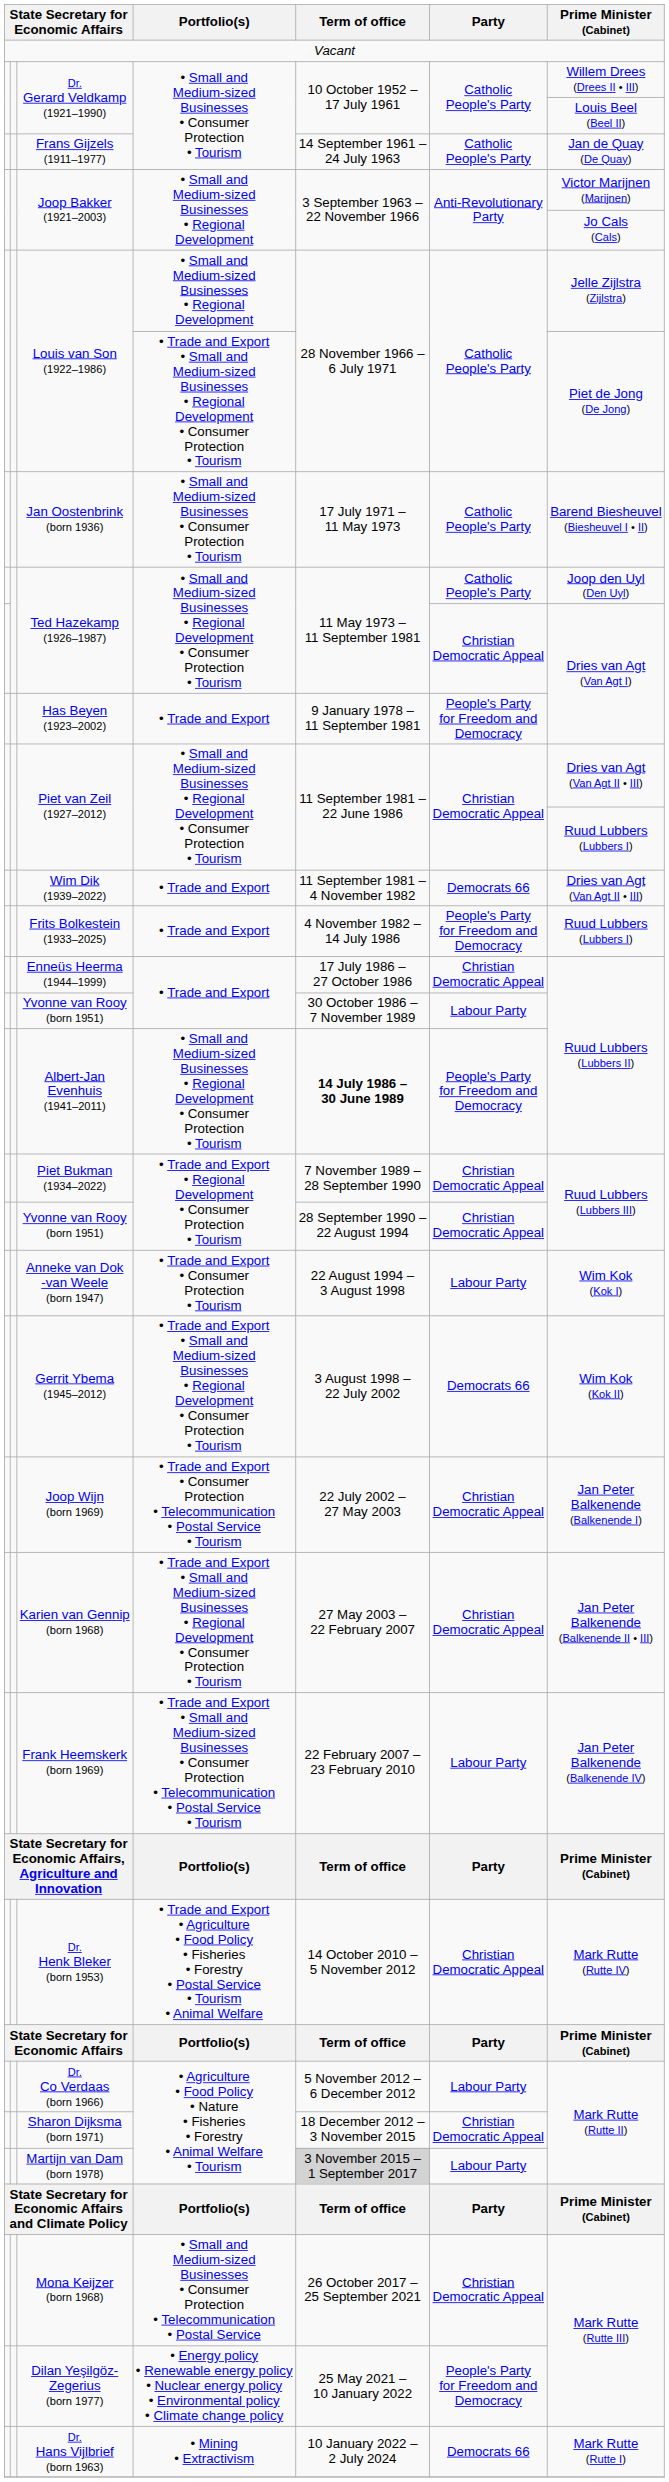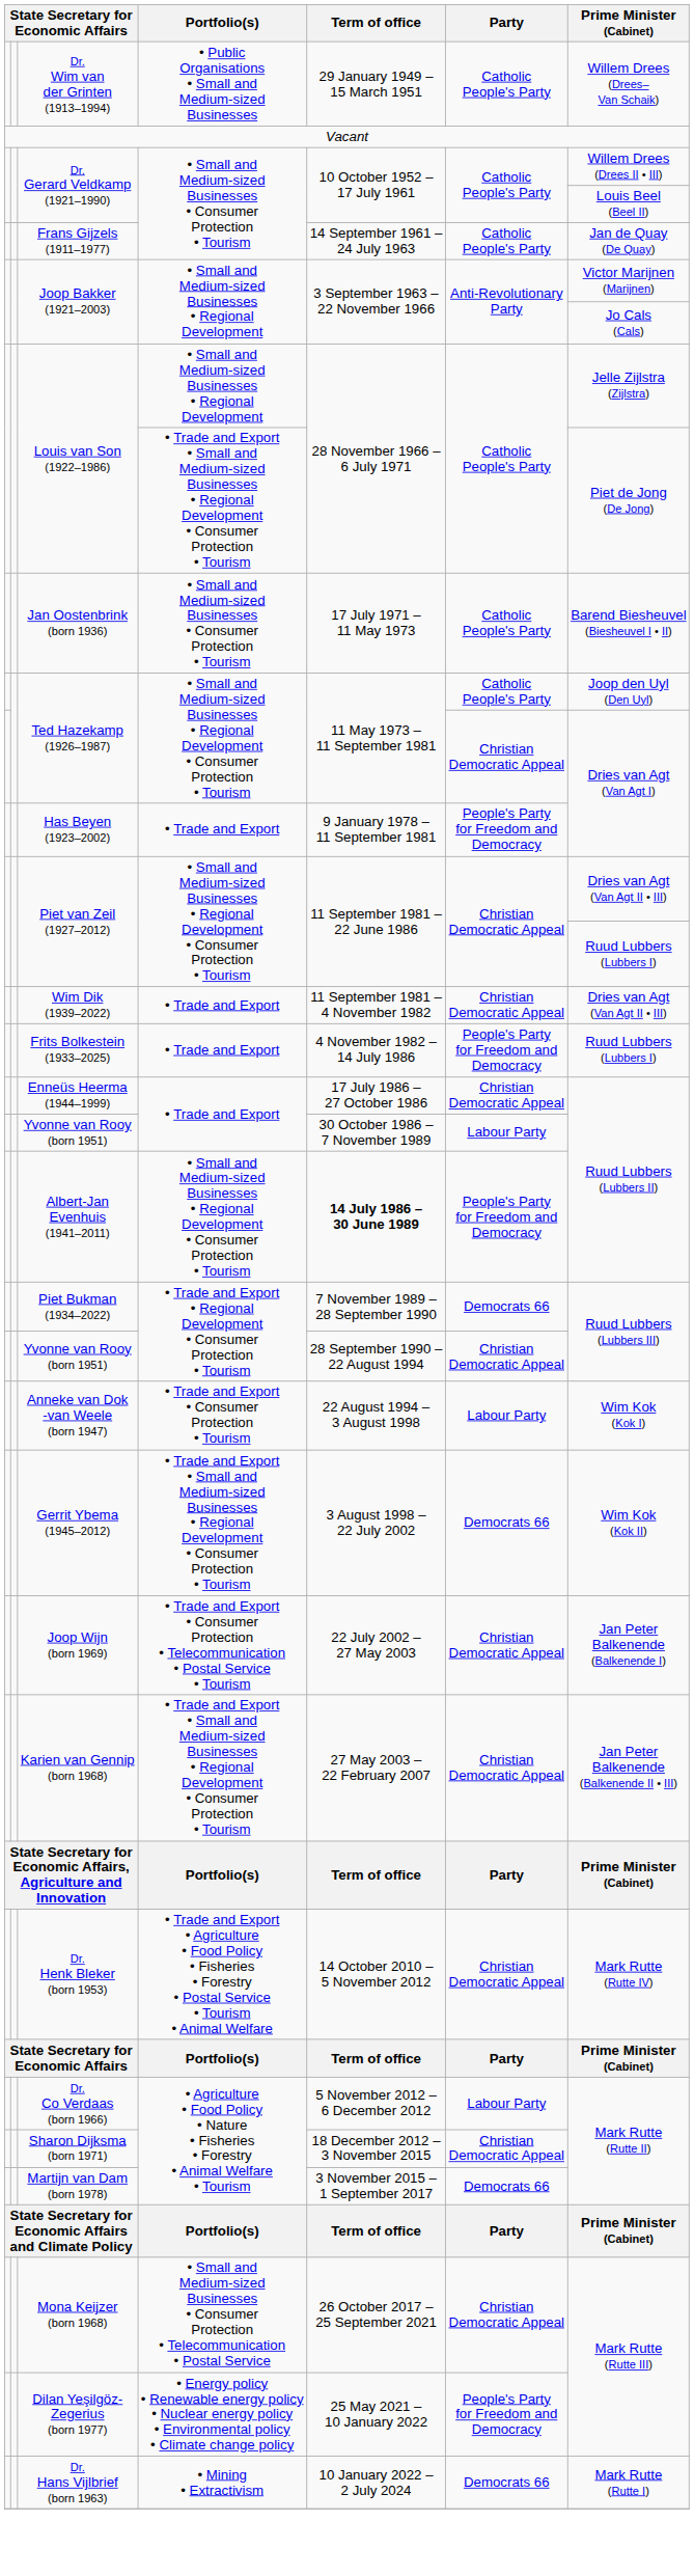 <table class="wikitable" style="text-align:center">
 <tr>
 <th colspan=3>State Secretary for <br> Economic Affairs</th>
 <th>Portfolio(s)</th>
 <th>Term of office</th>
 <th>Party</th>
 <th>Prime Minister <br> <small>(Cabinet)</small></th>
+</tr>
+<tr>
+<td style="background:"></td>
+<td></td>
+<td><small><a href='#'>Dr.</a></small> <br> <a href='#'>Wim van <br> der Grinten</a> <br> <small>(1913–1994)</small></td>
+<td>• <a href='#'>Public <br> Organisations</a> <br> • <a href='#'>Small and <br> Medium-sized <br> Businesses</a></td>
+<td>29 January 1949 – <br> 15 March 1951</td>
+<td><a href='#'>Catholic <br> People's Party</a></td>
+<td><a href='#'>Willem Drees</a> <br> <small>(<a href='#'>Drees–<br>Van Schaik</a>)</small> <br></td>
 </tr>
 <tr>
 <td colspan=7><em>Vacant</em></td>
 </tr>
 <tr>
 <td rowspan=3 style="background:"></td>
 <td rowspan=3></td>
 <td rowspan=3><small><a href='#'>Dr.</a></small> <br> <a href='#'>Gerard Veldkamp</a> <br> <small>(1921–1990)</small></td>
 <td rowspan=4>• <a href='#'>Small and <br> Medium-sized <br> Businesses</a> <br> • Consumer <br> Protection <br> • <a href='#'>Tourism</a></td>
 <td rowspan=3>10 October 1952 – <br> 17 July 1961 <br> </td>
 <td rowspan=3><a href='#'>Catholic <br> People's Party</a></td>
 <td><a href='#'>Willem Drees</a> <br> <small>(<a href='#'>Drees II</a> • <a href='#'>III</a>)</small> <br></td>
 </tr>
 <tr>
 <td><a href='#'>Louis Beel</a> <br> <small>(<a href='#'>Beel II</a>)</small> <br></td>
 </tr>
 <tr>
 <td rowspan=2><a href='#'>Jan de Quay</a> <br> <small>(<a href='#'>De Quay</a>)</small> <br></td>
 </tr>
 <tr>
 <td style="background:"></td>
 <td></td>
 <td><a href='#'>Frans Gijzels</a> <br> <small>(1911–1977)</small></td>
 <td>14 September 1961 – <br> 24 July 1963</td>
 <td><a href='#'>Catholic <br> People's Party</a></td>
 </tr>
 <tr>
 <td rowspan=2 style="background:"></td>
 <td rowspan=2></td>
 <td rowspan=2><a href='#'>Joop Bakker</a> <br> <small>(1921–2003)</small></td>
 <td rowspan=2>• <a href='#'>Small and <br> Medium-sized <br> Businesses</a> <br> • <a href='#'>Regional <br> Development</a></td>
 <td rowspan=2>3 September 1963 – <br> 22 November 1966</td>
 <td rowspan=2><a href='#'>Anti-Revolutionary <br> Party</a></td>
 <td><a href='#'>Victor Marijnen</a> <br> <small>(<a href='#'>Marijnen</a>)</small> <br></td>
 </tr>
 <tr>
 <td><a href='#'>Jo Cals</a> <br> <small>(<a href='#'>Cals</a>)</small> <br></td>
 </tr>
 <tr>
 <td rowspan=2 style="background:"></td>
 <td rowspan=2></td>
 <td rowspan=2><a href='#'>Louis van Son</a> <br> <small>(1922–1986)</small></td>
 <td>• <a href='#'>Small and <br> Medium-sized <br> Businesses</a> <br> • <a href='#'>Regional <br> Development</a></td>
 <td rowspan=2>28 November 1966 – <br> 6 July 1971</td>
 <td rowspan=2><a href='#'>Catholic <br> People's Party</a></td>
 <td><a href='#'>Jelle Zijlstra</a> <br> <small>(<a href='#'>Zijlstra</a>)</small> <br></td>
 </tr>
 <tr>
 <td>• <a href='#'>Trade and Export</a> <br> • <a href='#'>Small and <br> Medium-sized <br> Businesses</a> <br> • <a href='#'>Regional <br> Development</a> <br> • Consumer <br> Protection <br> • <a href='#'>Tourism</a></td>
 <td><a href='#'>Piet de Jong</a> <br> <small>(<a href='#'>De Jong</a>)</small> <br></td>
 </tr>
 <tr>
 <td style="background:"></td>
 <td></td>
 <td><a href='#'>Jan Oostenbrink</a> <br> <small>(born 1936)</small></td>
 <td>• <a href='#'>Small and <br> Medium-sized <br> Businesses</a> <br> • Consumer <br> Protection <br> • <a href='#'>Tourism</a></td>
 <td>17 July 1971 – <br> 11 May 1973</td>
 <td><a href='#'>Catholic <br> People's Party</a></td>
 <td><a href='#'>Barend Biesheuvel</a> <br> <small>(<a href='#'>Biesheuvel I</a> • <a href='#'>II</a>)</small> <br></td>
 </tr>
 <tr>
 <td style="background:"></td>
 <td rowspan=2></td>
 <td rowspan=2><a href='#'>Ted Hazekamp</a> <br> <small>(1926–1987)</small></td>
 <td rowspan=2>• <a href='#'>Small and <br> Medium-sized <br> Businesses</a> <br> • <a href='#'>Regional <br> Development</a> <br> • Consumer <br> Protection <br> • <a href='#'>Tourism</a></td>
 <td rowspan=2>11 May 1973 – <br> 11 September 1981</td>
 <td><a href='#'>Catholic <br> People's Party</a></td>
 <td><a href='#'>Joop den Uyl</a> <br> <small>(<a href='#'>Den Uyl</a>)</small> <br></td>
 </tr>
 <tr>
 <td style="background:"></td>
 <td><a href='#'>Christian <br> Democratic Appeal</a></td>
 <td rowspan=2><a href='#'>Dries van Agt</a> <br> <small>(<a href='#'>Van Agt I</a>)</small> <br></td>
 </tr>
 <tr>
 <td style="background:"></td>
 <td></td>
 <td><a href='#'>Has Beyen</a> <br> <small>(1923–2002)</small></td>
 <td>• <a href='#'>Trade and Export</a></td>
 <td>9 January 1978 – <br> 11 September 1981</td>
 <td><a href='#'>People's Party <br> for Freedom and <br> Democracy</a></td>
 </tr>
 <tr>
 <td rowspan=2 style="background:"></td>
 <td rowspan=2></td>
 <td rowspan=2><a href='#'>Piet van Zeil</a> <br> <small>(1927–2012)</small></td>
 <td rowspan=2>• <a href='#'>Small and <br> Medium-sized <br> Businesses</a> <br> • <a href='#'>Regional <br> Development</a> <br> • Consumer <br> Protection <br> • <a href='#'>Tourism</a></td>
 <td rowspan=2>11 September 1981 – <br> 22 June 1986 <br>  </td>
 <td rowspan=2><a href='#'>Christian <br> Democratic Appeal</a></td>
 <td><a href='#'>Dries van Agt</a> <br> <small>(<a href='#'>Van Agt II</a> • <a href='#'>III</a>)</small> <br></td>
 </tr>
 <tr>
 <td><a href='#'>Ruud Lubbers</a> <br> <small>(<a href='#'>Lubbers I</a>)</small> <br></td>
 </tr>
 <tr>
 <td style="background:"></td>
 <td></td>
 <td><a href='#'>Wim Dik</a> <br> <small>(1939–2022)</small></td>
 <td>• <a href='#'>Trade and Export</a></td>
 <td>11 September 1981 – <br> 4 November 1982</td>
-<td><a href='#'>Democrats 66</a></td>
+<td><a href='#'>Christian <br> Democratic Appeal</a></td>
 <td><a href='#'>Dries van Agt</a> <br> <small>(<a href='#'>Van Agt II</a> • <a href='#'>III</a>)</small> <br></td>
 </tr>
 <tr>
 <td style="background:"></td>
 <td></td>
 <td><a href='#'>Frits Bolkestein</a> <br> <small>(1933–2025)</small></td>
 <td>• <a href='#'>Trade and Export</a> <br> </td>
 <td>4 November 1982 – <br> 14 July 1986</td>
 <td><a href='#'>People's Party <br> for Freedom and <br> Democracy</a></td>
 <td><a href='#'>Ruud Lubbers</a> <br> <small>(<a href='#'>Lubbers I</a>)</small> <br></td>
 </tr>
 <tr>
 <td style="background:"></td>
 <td></td>
 <td><a href='#'>Enneüs Heerma</a> <br> <small>(1944–1999)</small></td>
 <td rowspan=2>• <a href='#'>Trade and Export</a> <br> </td>
 <td>17 July 1986 – <br> 27 October 1986 <br> </td>
 <td><a href='#'>Christian <br> Democratic Appeal</a></td>
 <td rowspan=3><a href='#'>Ruud Lubbers</a> <br> <small>(<a href='#'>Lubbers II</a>)</small> <br></td>
 </tr>
 <tr>
 <td style="background:"></td>
 <td></td>
 <td><a href='#'>Yvonne van Rooy</a> <br> <small>(born 1951)</small></td>
 <td>30 October 1986 – <br> 7 November 1989</td>
 <td><a href='#'>Labour Party</a></td>
 </tr>
 <tr>
 <td style="background:"></td>
 <td></td>
 <td><a href='#'>Albert-Jan <br> Evenhuis</a> <br> <small>(1941–2011)</small></td>
 <td>• <a href='#'>Small and <br> Medium-sized <br> Businesses</a> <br> • <a href='#'>Regional <br> Development</a> <br> • Consumer <br> Protection <br> • <a href='#'>Tourism</a></td>
 <td><strong>14 July 1986 – <br> 30 June 1989 <br> </strong></td>
 <td><a href='#'>People's Party <br> for Freedom and <br> Democracy</a></td>
 </tr>
 <tr>
 <td style="background:"></td>
 <td></td>
 <td><a href='#'>Piet Bukman</a> <br> <small>(1934–2022)</small></td>
 <td rowspan=2>• <a href='#'>Trade and Export</a> <br> • <a href='#'>Regional <br> Development</a> <br> • Consumer <br> Protection <br> • <a href='#'>Tourism</a> <br> </td>
 <td>7 November 1989 – <br> 28 September 1990 <br> </td>
-<td><a href='#'>Christian <br> Democratic Appeal</a></td>
+<td><a href='#'>Democrats 66</a></td>
 <td rowspan=2><a href='#'>Ruud Lubbers</a> <br> <small>(<a href='#'>Lubbers III</a>)</small> <br></td>
 </tr>
 <tr>
 <td style="background:"></td>
 <td></td>
 <td><a href='#'>Yvonne van Rooy</a> <br> <small>(born 1951)</small></td>
 <td>28 September 1990 – <br> 22 August 1994</td>
 <td><a href='#'>Christian <br> Democratic Appeal</a></td>
 </tr>
 <tr>
 <td style="background:"></td>
 <td></td>
 <td><a href='#'>Anneke van Dok<br>-van Weele</a> <br> <small>(born 1947)</small></td>
 <td>• <a href='#'>Trade and Export</a> <br> • Consumer <br> Protection <br> • <a href='#'>Tourism</a> <br> </td>
 <td>22 August 1994 – <br> 3 August 1998</td>
 <td><a href='#'>Labour Party</a></td>
 <td><a href='#'>Wim Kok</a> <br> <small>(<a href='#'>Kok I</a>)</small> <br></td>
 </tr>
 <tr>
 <td style="background:"></td>
 <td></td>
 <td><a href='#'>Gerrit Ybema</a> <br> <small>(1945–2012)</small></td>
 <td>• <a href='#'>Trade and Export</a> <br> • <a href='#'>Small and <br> Medium-sized <br> Businesses</a> <br> • <a href='#'>Regional <br> Development</a> <br> • Consumer <br> Protection <br> • <a href='#'>Tourism</a> <br> </td>
 <td>3 August 1998 – <br> 22 July 2002</td>
 <td><a href='#'>Democrats 66</a></td>
 <td><a href='#'>Wim Kok</a> <br> <small>(<a href='#'>Kok II</a>)</small> <br></td>
 </tr>
 <tr>
 <td style="background:"></td>
 <td></td>
 <td><a href='#'>Joop Wijn</a> <br> <small>(born 1969)</small></td>
 <td>• <a href='#'>Trade and Export</a> <br> • Consumer <br> Protection <br> • <a href='#'>Telecommunication</a> <br> • <a href='#'>Postal Service</a> <br> • <a href='#'>Tourism</a></td>
 <td>22 July 2002 – <br> 27 May 2003</td>
 <td><a href='#'>Christian <br> Democratic Appeal</a></td>
 <td><a href='#'>Jan Peter <br> Balkenende</a> <br> <small>(<a href='#'>Balkenende I</a>)</small> <br></td>
 </tr>
 <tr>
 <td style="background:"></td>
 <td></td>
 <td><a href='#'>Karien van Gennip</a> <br> <small>(born 1968)</small></td>
 <td>• <a href='#'>Trade and Export</a> <br> • <a href='#'>Small and <br> Medium-sized <br> Businesses</a> <br> • <a href='#'>Regional <br> Development</a> <br> • Consumer <br> Protection <br> • <a href='#'>Tourism</a></td>
 <td>27 May 2003 – <br> 22 February 2007</td>
 <td><a href='#'>Christian <br> Democratic Appeal</a></td>
 <td><a href='#'>Jan Peter <br> Balkenende</a> <br> <small>(<a href='#'>Balkenende II</a> • <a href='#'>III</a>)</small> <br></td>
 </tr>
 <tr>
-<td style="background:"></td>
-<td></td>
-<td><a href='#'>Frank Heemskerk</a> <br> <small>(born 1969)</small></td>
-<td>• <a href='#'>Trade and Export</a> <br> • <a href='#'>Small and <br> Medium-sized <br> Businesses</a> <br> • Consumer <br> Protection <br> • <a href='#'>Telecommunication</a> <br> • <a href='#'>Postal Service</a> <br> • <a href='#'>Tourism</a> <br> </td>
-<td>22 February 2007 – <br> 23 February 2010 <br> </td>
-<td><a href='#'>Labour Party</a></td>
-<td><a href='#'>Jan Peter <br> Balkenende</a> <br> <small>(<a href='#'>Balkenende IV</a>)</small> <br></td>
-</tr>
-<tr>
 <th colspan=3>State Secretary for <br> Economic Affairs, <br> <a href='#'>Agriculture and <br> Innovation</a></th>
 <th>Portfolio(s)</th>
 <th>Term of office</th>
 <th>Party</th>
 <th>Prime Minister <br> <small>(Cabinet)</small></th>
 </tr>
 <tr>
 <td style="background:"></td>
 <td></td>
 <td><small><a href='#'>Dr.</a></small> <br> <a href='#'>Henk Bleker</a> <br> <small>(born 1953)</small></td>
 <td>• <a href='#'>Trade and Export</a> <br> • <a href='#'>Agriculture</a> <br> • <a href='#'>Food Policy</a> <br> • Fisheries <br> • Forestry <br> • <a href='#'>Postal Service</a> <br> • <a href='#'>Tourism</a> <br> • <a href='#'>Animal Welfare</a> <br> </td>
 <td>14 October 2010 – <br> 5 November 2012</td>
 <td><a href='#'>Christian <br> Democratic Appeal</a></td>
 <td><a href='#'>Mark Rutte</a> <br> <small>(<a href='#'>Rutte IV</a>)</small> <br></td>
 </tr>
 <tr>
 <th colspan=3>State Secretary for <br> Economic Affairs</th>
 <th>Portfolio(s)</th>
 <th>Term of office</th>
 <th>Party</th>
 <th>Prime Minister <br> <small>(Cabinet)</small></th>
 </tr>
 <tr>
 <td style="background:"></td>
 <td></td>
 <td><small><a href='#'>Dr.</a></small> <br> <a href='#'>Co Verdaas</a> <br> <small>(born 1966)</small></td>
 <td rowspan=3>• <a href='#'>Agriculture</a> <br> • <a href='#'>Food Policy</a> <br> • Nature <br> • Fisheries <br> • Forestry <br> • <a href='#'>Animal Welfare</a> <br> • <a href='#'>Tourism</a> <br> </td>
 <td>5 November 2012 – <br> 6 December 2012 <br> </td>
 <td><a href='#'>Labour Party</a></td>
 <td rowspan=3><a href='#'>Mark Rutte</a> <br> <small>(<a href='#'>Rutte II</a>)</small> <br></td>
 </tr>
 <tr>
 <td style="background:"></td>
 <td></td>
 <td><a href='#'>Sharon Dijksma</a> <br> <small>(born 1971)</small></td>
 <td>18 December 2012 – <br> 3 November 2015 <br> </td>
 <td><a href='#'>Christian <br> Democratic Appeal</a></td>
 </tr>
 <tr>
 <td style="background:"></td>
 <td></td>
 <td><a href='#'>Martijn van Dam</a> <br> <small>(born 1978)</small></td>
-<td style="background: lightgrey;">3 November 2015 – <br> 1 September 2017 <br> </td>
-<td><a href='#'>Labour Party</a></td>
+<td>3 November 2015 – <br> 1 September 2017 <br> </td>
+<td><a href='#'>Democrats 66</a></td>
 </tr>
 <tr>
 <th colspan=3>State Secretary for <br> Economic Affairs <br> and Climate Policy</th>
 <th>Portfolio(s)</th>
 <th>Term of office</th>
 <th>Party</th>
 <th>Prime Minister <br> <small>(Cabinet)</small></th>
 </tr>
 <tr>
 <td style="background:"></td>
 <td></td>
 <td><a href='#'>Mona Keijzer</a> <br> <small>(born 1968)</small></td>
 <td>• <a href='#'>Small and <br> Medium-sized <br> Businesses</a> <br> • Consumer <br> Protection <br> • <a href='#'>Telecommunication</a> <br> • <a href='#'>Postal Service</a></td>
 <td>26 October 2017 – <br> 25 September 2021 <br> </td>
 <td><a href='#'>Christian <br> Democratic Appeal</a></td>
 <td rowspan=2><a href='#'>Mark Rutte</a> <br> <small>(<a href='#'>Rutte III</a>)</small> <br></td>
 </tr>
 <tr>
 <td style="background:"></td>
 <td></td>
 <td><a href='#'>Dilan Yeşilgöz-<br>Zegerius</a> <br> <small>(born 1977)</small></td>
 <td>• <a href='#'>Energy policy</a> <br> • <a href='#'>Renewable energy policy</a> <br> • <a href='#'>Nuclear energy policy</a> <br> • <a href='#'>Environmental policy</a> <br> • <a href='#'>Climate change policy</a></td>
 <td>25 May 2021 – <br> 10 January 2022</td>
 <td><a href='#'>People's Party <br> for Freedom and <br> Democracy</a></td>
 </tr>
 <tr>
 <td style="background:"></td>
 <td></td>
 <td><small><a href='#'>Dr.</a></small> <br> <a href='#'>Hans Vijlbrief</a> <br> <small>(born 1963)</small></td>
 <td>• <a href='#'>Mining</a> <br> • <a href='#'>Extractivism</a></td>
 <td>10 January 2022 – <br> 2 July 2024</td>
 <td><a href='#'>Democrats 66</a></td>
 <td><a href='#'>Mark Rutte</a> <br> <small>(<a href='#'>Rutte I</a>)</small> <br></td>
 </tr>
 <tr>
 </tr>
 </table>
